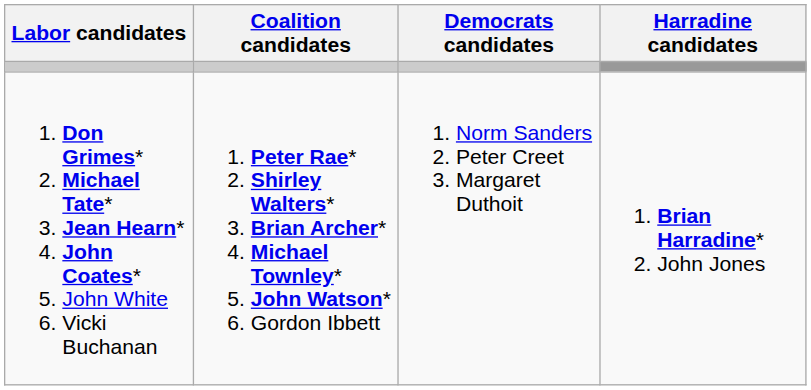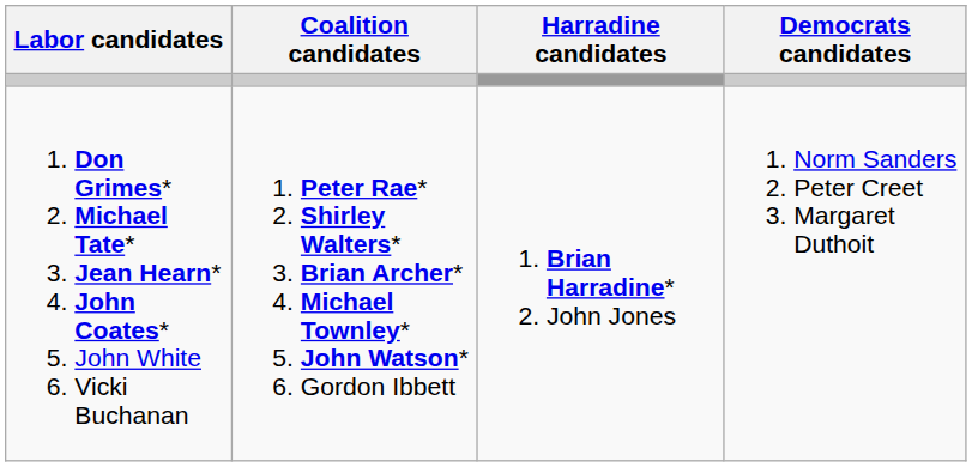 <table class="wikitable">
 <tr>
 <th><a href='#'>Labor</a> candidates</th>
 <th><a href='#'>Coalition</a> candidates</th>
+<th><a href='#'>Harradine</a> candidates</th>
 <th><a href='#'>Democrats</a> candidates</th>
-<th><a href='#'>Harradine</a> candidates</th>
 </tr>
 <tr bgcolor="#cccccc">
 <td></td>
 <td></td>
+<td bgcolor="#999999"></td>
 <td></td>
-<td bgcolor="#999999"></td>
 </tr>
 <tr>
 <td><br><ol><li><strong><a href='#'>Don Grimes</a></strong>*</li><li><strong><a href='#'>Michael Tate</a></strong>*</li><li><strong><a href='#'>Jean Hearn</a></strong>*</li><li><strong><a href='#'>John Coates</a></strong>*</li><li><a href='#'>John White</a></li><li>Vicki Buchanan</li></ol></td>
 <td><br><ol><li><strong><a href='#'>Peter Rae</a></strong>*</li><li><strong><a href='#'>Shirley Walters</a></strong>*</li><li><strong><a href='#'>Brian Archer</a></strong>*</li><li><strong><a href='#'>Michael Townley</a></strong>*</li><li><strong><a href='#'>John Watson</a></strong>*</li><li>Gordon Ibbett</li></ol></td>
+<td><br><ol><li><strong><a href='#'>Brian Harradine</a></strong>*</li><li>John Jones</li></ol></td>
 <td valign=top><br><ol><li><a href='#'>Norm Sanders</a></li><li>Peter Creet</li><li>Margaret Duthoit</li></ol></td>
-<td><br><ol><li><strong><a href='#'>Brian Harradine</a></strong>*</li><li>John Jones</li></ol></td>
 </tr>
 </table>
